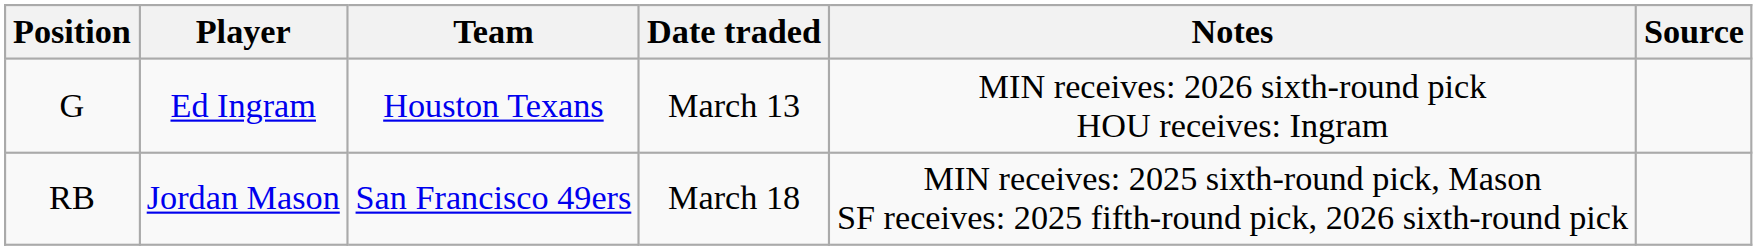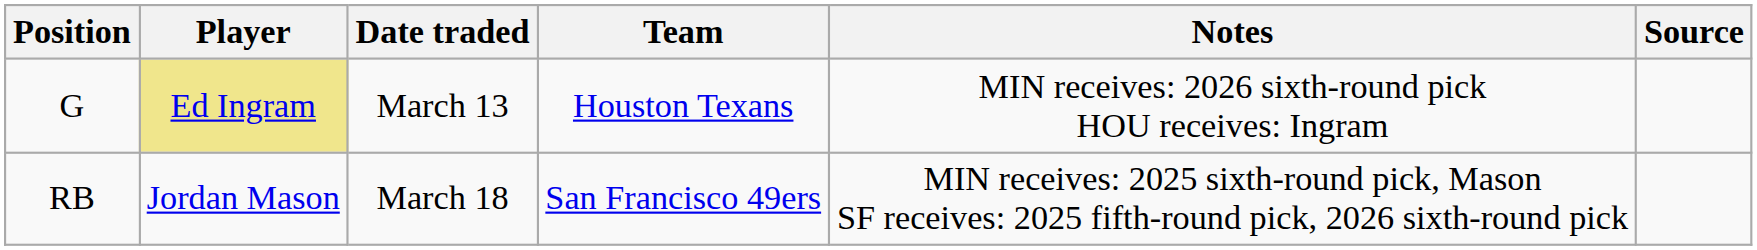 <table class="wikitable" style="text-align:center">
 <tr>
 <th>Position</th>
 <th>Player</th>
+<th>Date traded</th>
 <th>Team</th>
-<th>Date traded</th>
 <th>Notes</th>
 <th>Source</th>
 </tr>
 <tr>
 <td>G</td>
-<td><a href='#'>Ed Ingram</a></td>
+<td style="background: khaki;"><a href='#'>Ed Ingram</a></td>
+<td>March 13</td>
 <td><a href='#'>Houston Texans</a></td>
-<td>March 13</td>
 <td>MIN receives: 2026 sixth-round pick<br>HOU receives: Ingram</td>
 <td></td>
 </tr>
 <tr>
 <td>RB</td>
 <td><a href='#'>Jordan Mason</a></td>
+<td>March 18</td>
 <td><a href='#'>San Francisco 49ers</a></td>
-<td>March 18</td>
 <td>MIN receives: 2025 sixth-round pick, Mason<br>SF receives: 2025 fifth-round pick, 2026 sixth-round pick</td>
 <td></td>
 </tr>
 </table>
